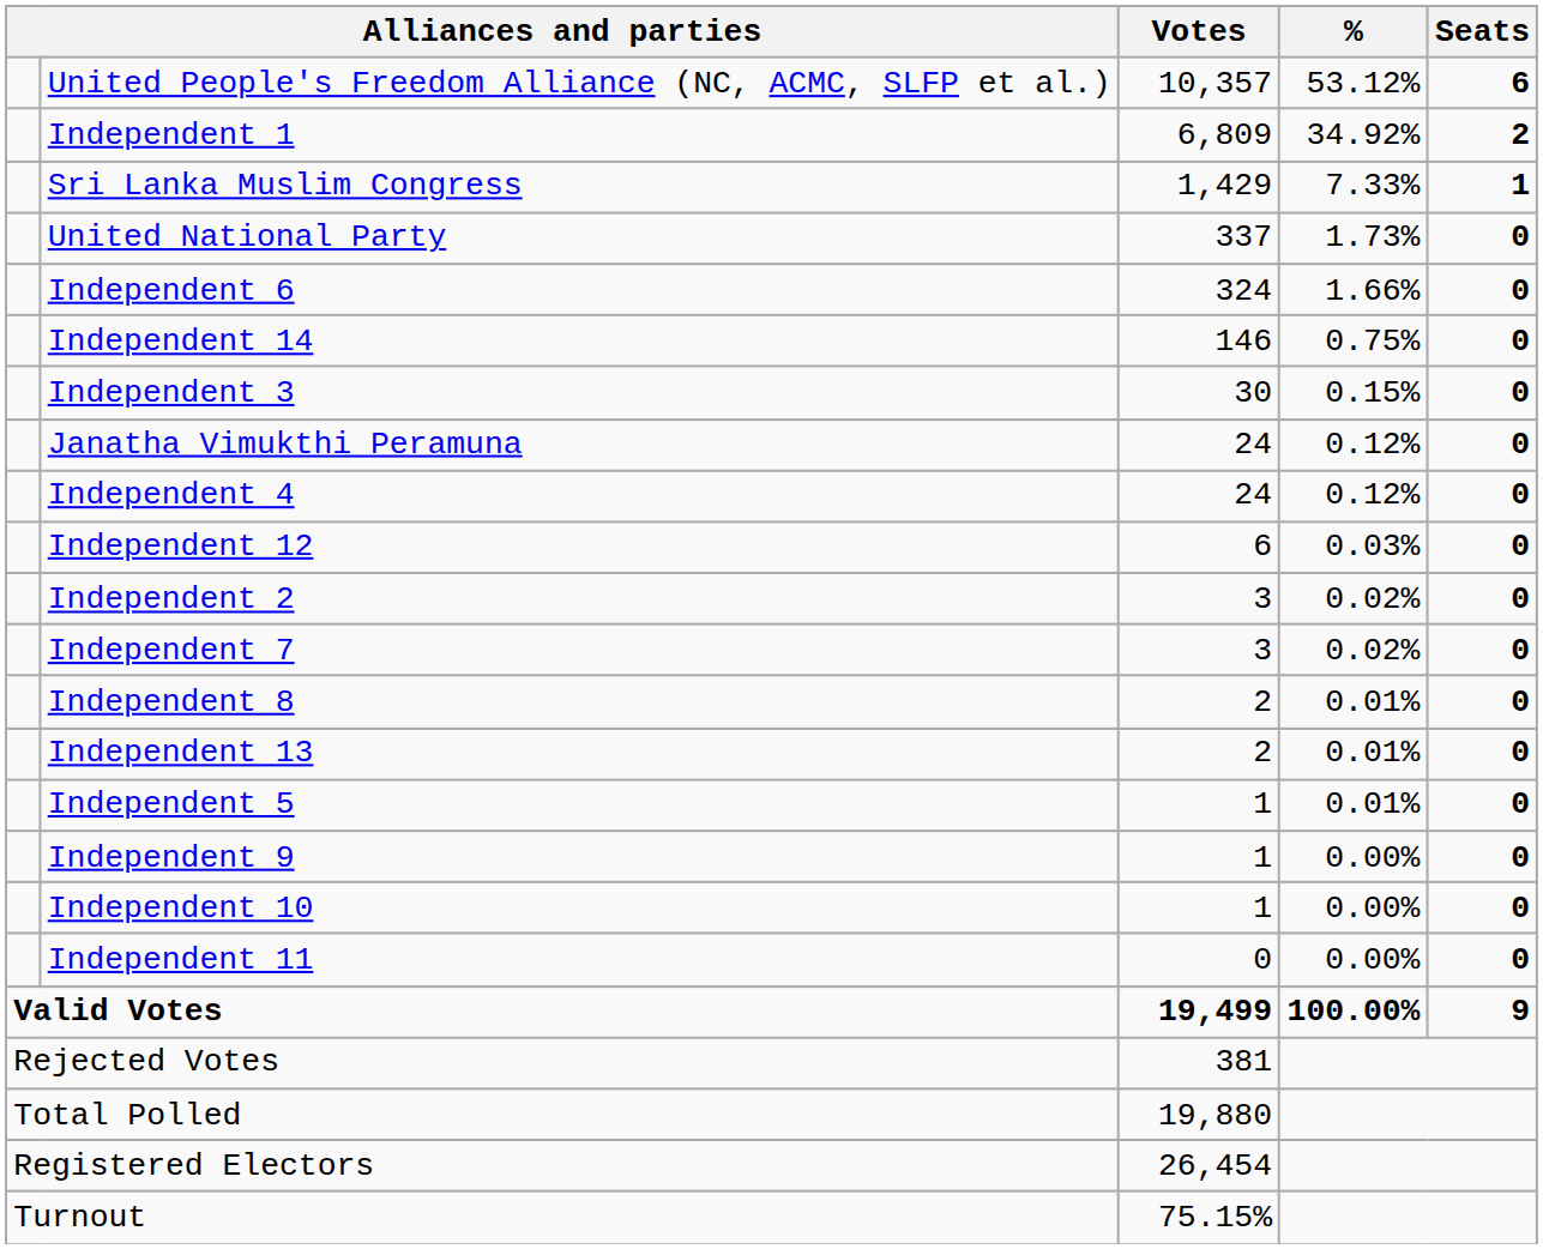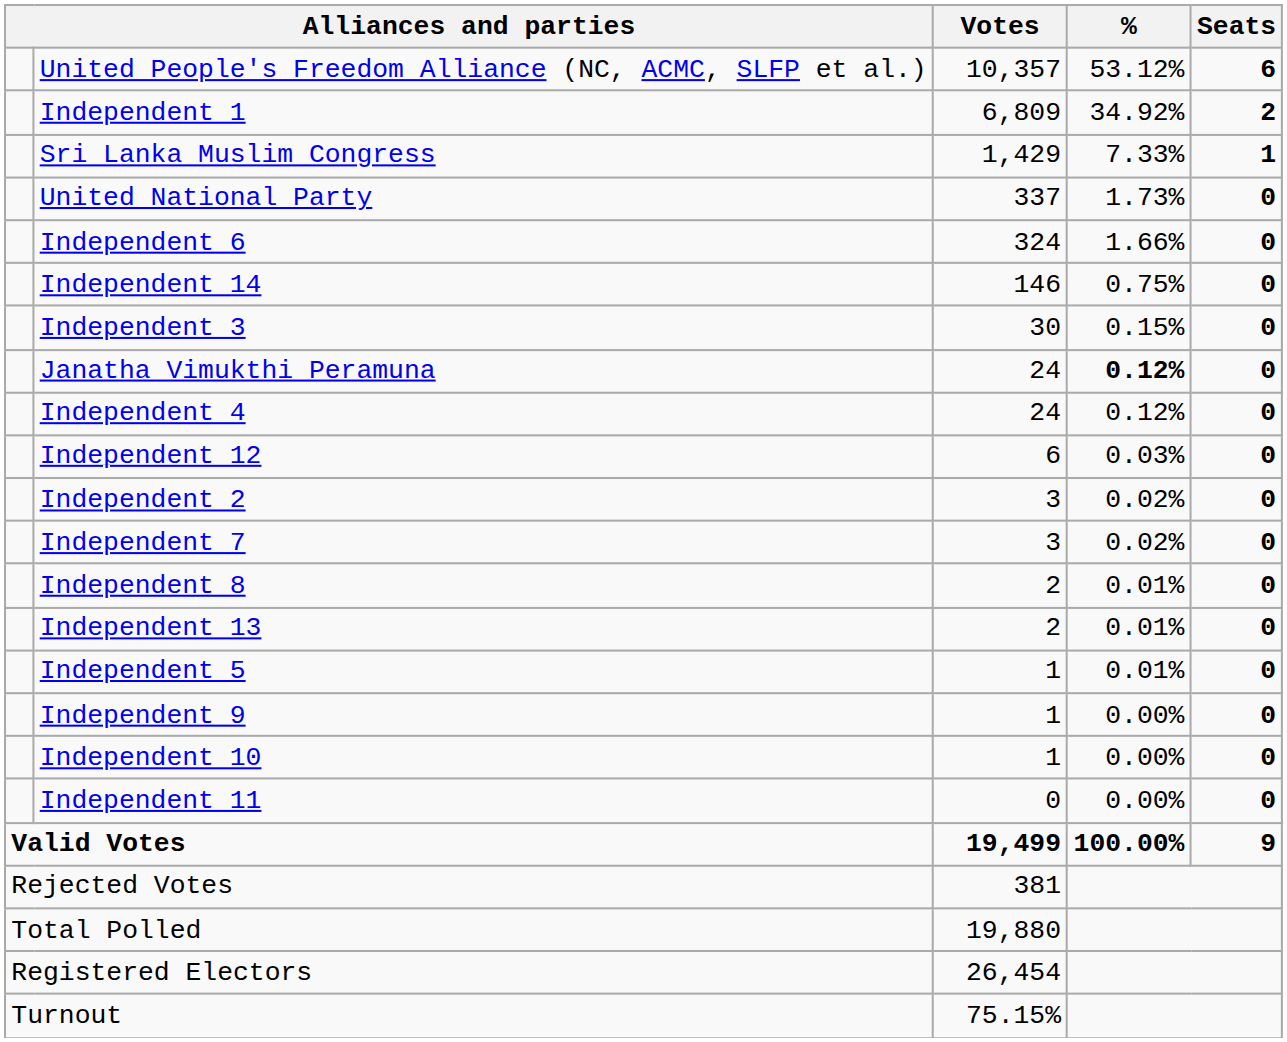 <table class="wikitable" border="1" style="text-align:right;">
 <tr>
 <th valign=bottom align=left colspan=2>Alliances and parties</th>
 <th valign=bottom align=center width="60">Votes</th>
 <th valign=bottom align=center width="50">%</th>
 <th valign=bottom align=center>Seats</th>
 </tr>
 <tr>
 <td bgcolor=> </td>
 <td align=left><a href='#'>United People's Freedom Alliance</a> (NC, <a href='#'>ACMC</a>, <a href='#'>SLFP</a> et al.)</td>
 <td>10,357</td>
 <td>53.12%</td>
 <td><strong>6</strong></td>
 </tr>
 <tr>
 <td></td>
 <td align=left><a href='#'>Independent 1</a></td>
 <td>6,809</td>
 <td>34.92%</td>
 <td><strong>2</strong></td>
 </tr>
 <tr>
 <td bgcolor=> </td>
 <td align=left><a href='#'>Sri Lanka Muslim Congress</a></td>
 <td>1,429</td>
 <td>7.33%</td>
 <td><strong>1</strong></td>
 </tr>
 <tr>
 <td bgcolor=> </td>
 <td align=left><a href='#'>United National Party</a></td>
 <td>337</td>
 <td>1.73%</td>
 <td><strong>0</strong></td>
 </tr>
 <tr>
 <td></td>
 <td align=left><a href='#'>Independent 6</a></td>
 <td>324</td>
 <td>1.66%</td>
 <td><strong>0</strong></td>
 </tr>
 <tr>
 <td></td>
 <td align=left><a href='#'>Independent 14</a></td>
 <td>146</td>
 <td>0.75%</td>
 <td><strong>0</strong></td>
 </tr>
 <tr>
 <td></td>
 <td align=left><a href='#'>Independent 3</a></td>
 <td>30</td>
 <td>0.15%</td>
 <td><strong>0</strong></td>
 </tr>
 <tr>
 <td bgcolor=> </td>
 <td align=left><a href='#'>Janatha Vimukthi Peramuna</a></td>
 <td>24</td>
-<td>0.12%</td>
+<td><strong>0.12%</strong></td>
 <td><strong>0</strong></td>
 </tr>
 <tr>
 <td></td>
 <td align=left><a href='#'>Independent 4</a></td>
 <td>24</td>
 <td>0.12%</td>
 <td><strong>0</strong></td>
 </tr>
 <tr>
 <td></td>
 <td align=left><a href='#'>Independent 12</a></td>
 <td>6</td>
 <td>0.03%</td>
 <td><strong>0</strong></td>
 </tr>
 <tr>
 <td></td>
 <td align=left><a href='#'>Independent 2</a></td>
 <td>3</td>
 <td>0.02%</td>
 <td><strong>0</strong></td>
 </tr>
 <tr>
 <td></td>
 <td align=left><a href='#'>Independent 7</a></td>
 <td>3</td>
 <td>0.02%</td>
 <td><strong>0</strong></td>
 </tr>
 <tr>
 <td></td>
 <td align=left><a href='#'>Independent 8</a></td>
 <td>2</td>
 <td>0.01%</td>
 <td><strong>0</strong></td>
 </tr>
 <tr>
 <td></td>
 <td align=left><a href='#'>Independent 13</a></td>
 <td>2</td>
 <td>0.01%</td>
 <td><strong>0</strong></td>
 </tr>
 <tr>
 <td></td>
 <td align=left><a href='#'>Independent 5</a></td>
 <td>1</td>
 <td>0.01%</td>
 <td><strong>0</strong></td>
 </tr>
 <tr>
 <td></td>
 <td align=left><a href='#'>Independent 9</a></td>
 <td>1</td>
 <td>0.00%</td>
 <td><strong>0</strong></td>
 </tr>
 <tr>
 <td></td>
 <td align=left><a href='#'>Independent 10</a></td>
 <td>1</td>
 <td>0.00%</td>
 <td><strong>0</strong></td>
 </tr>
 <tr>
 <td></td>
 <td align=left><a href='#'>Independent 11</a></td>
 <td>0</td>
 <td>0.00%</td>
 <td><strong>0</strong></td>
 </tr>
 <tr>
 <td colspan=2 align=left><strong>Valid Votes</strong></td>
 <td><strong>19,499</strong></td>
 <td><strong>100.00%</strong></td>
 <td><strong>9</strong></td>
 </tr>
 <tr>
 <td colspan=2 align=left>Rejected Votes</td>
 <td>381</td>
 <td colspan=2></td>
 </tr>
 <tr>
 <td colspan=2 align=left>Total Polled</td>
 <td>19,880</td>
 <td colspan=2></td>
 </tr>
 <tr>
 <td colspan=2 align=left>Registered Electors</td>
 <td>26,454</td>
 <td colspan=2></td>
 </tr>
 <tr>
 <td colspan=2 align=left>Turnout</td>
 <td>75.15%</td>
 <td colspan=2></td>
 </tr>
 </table>
